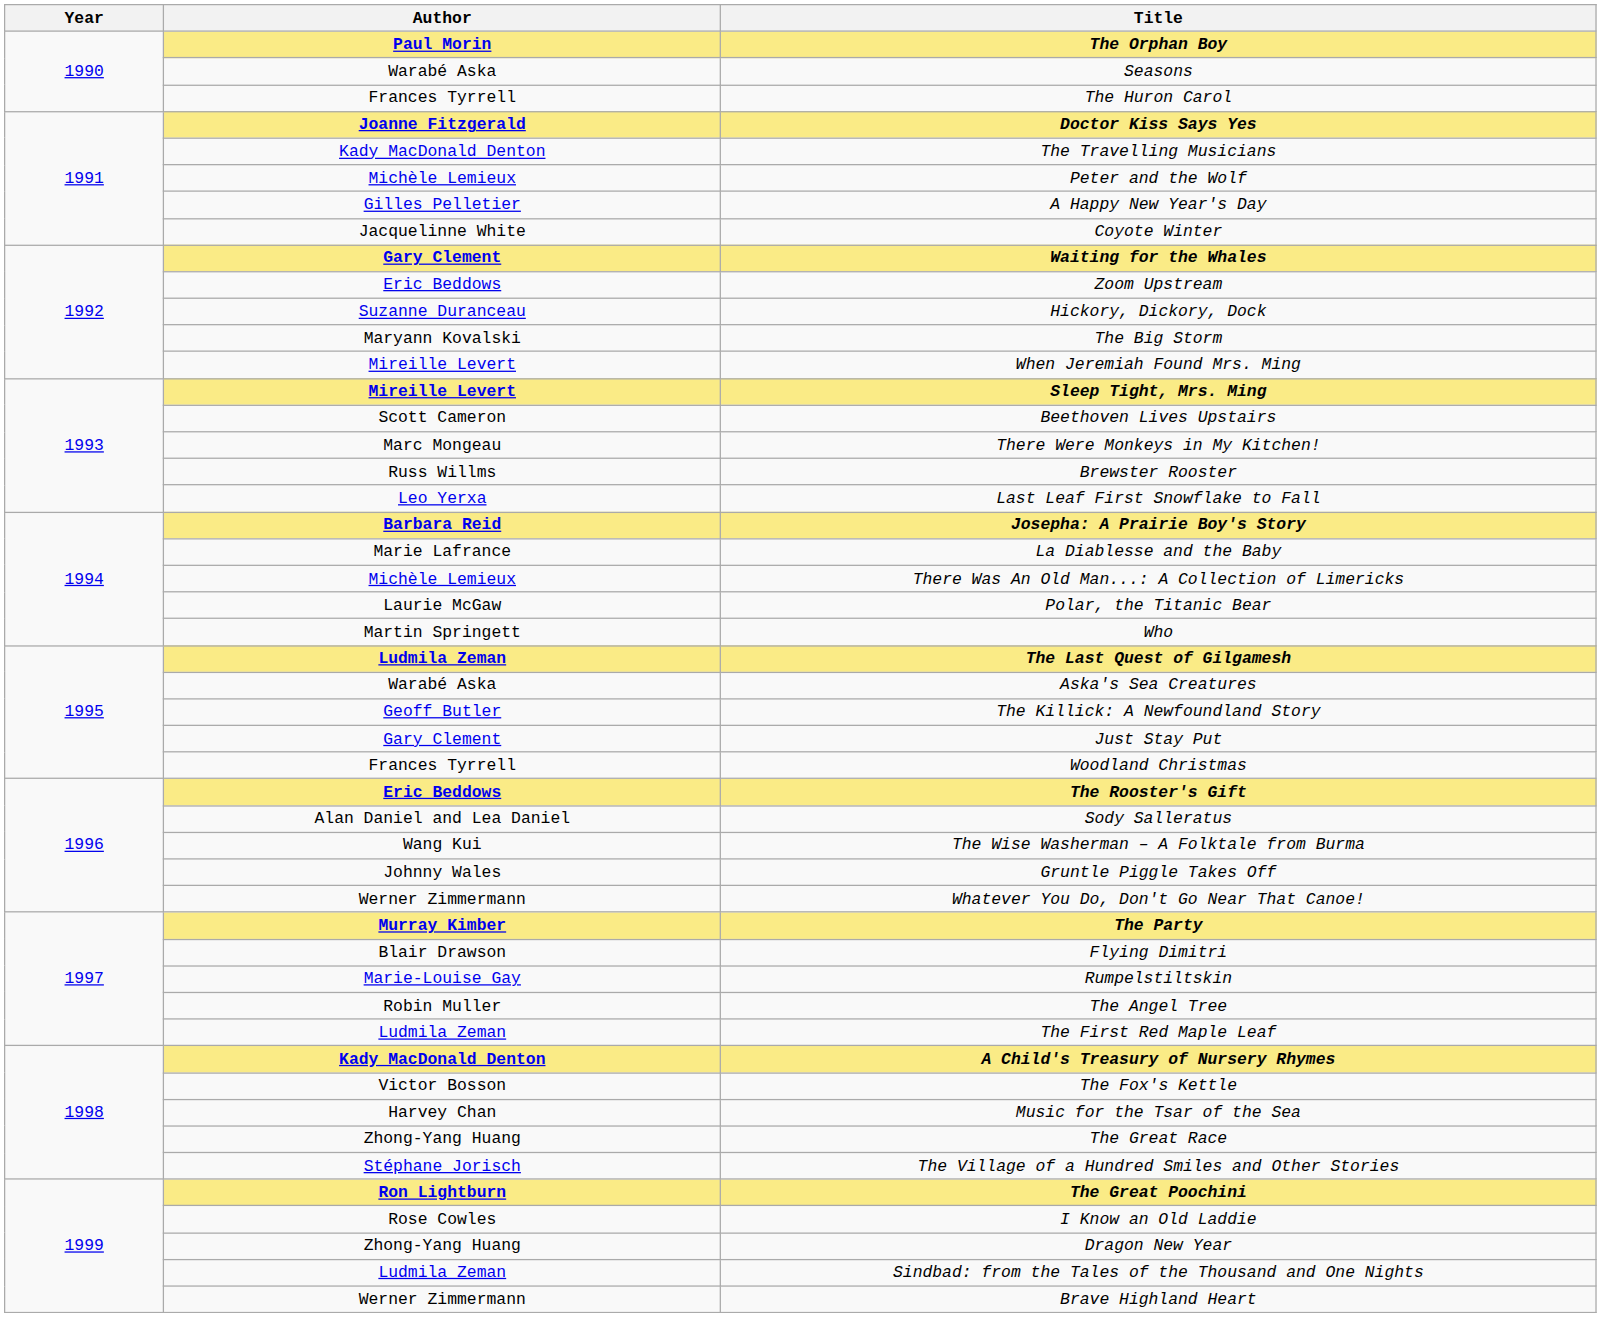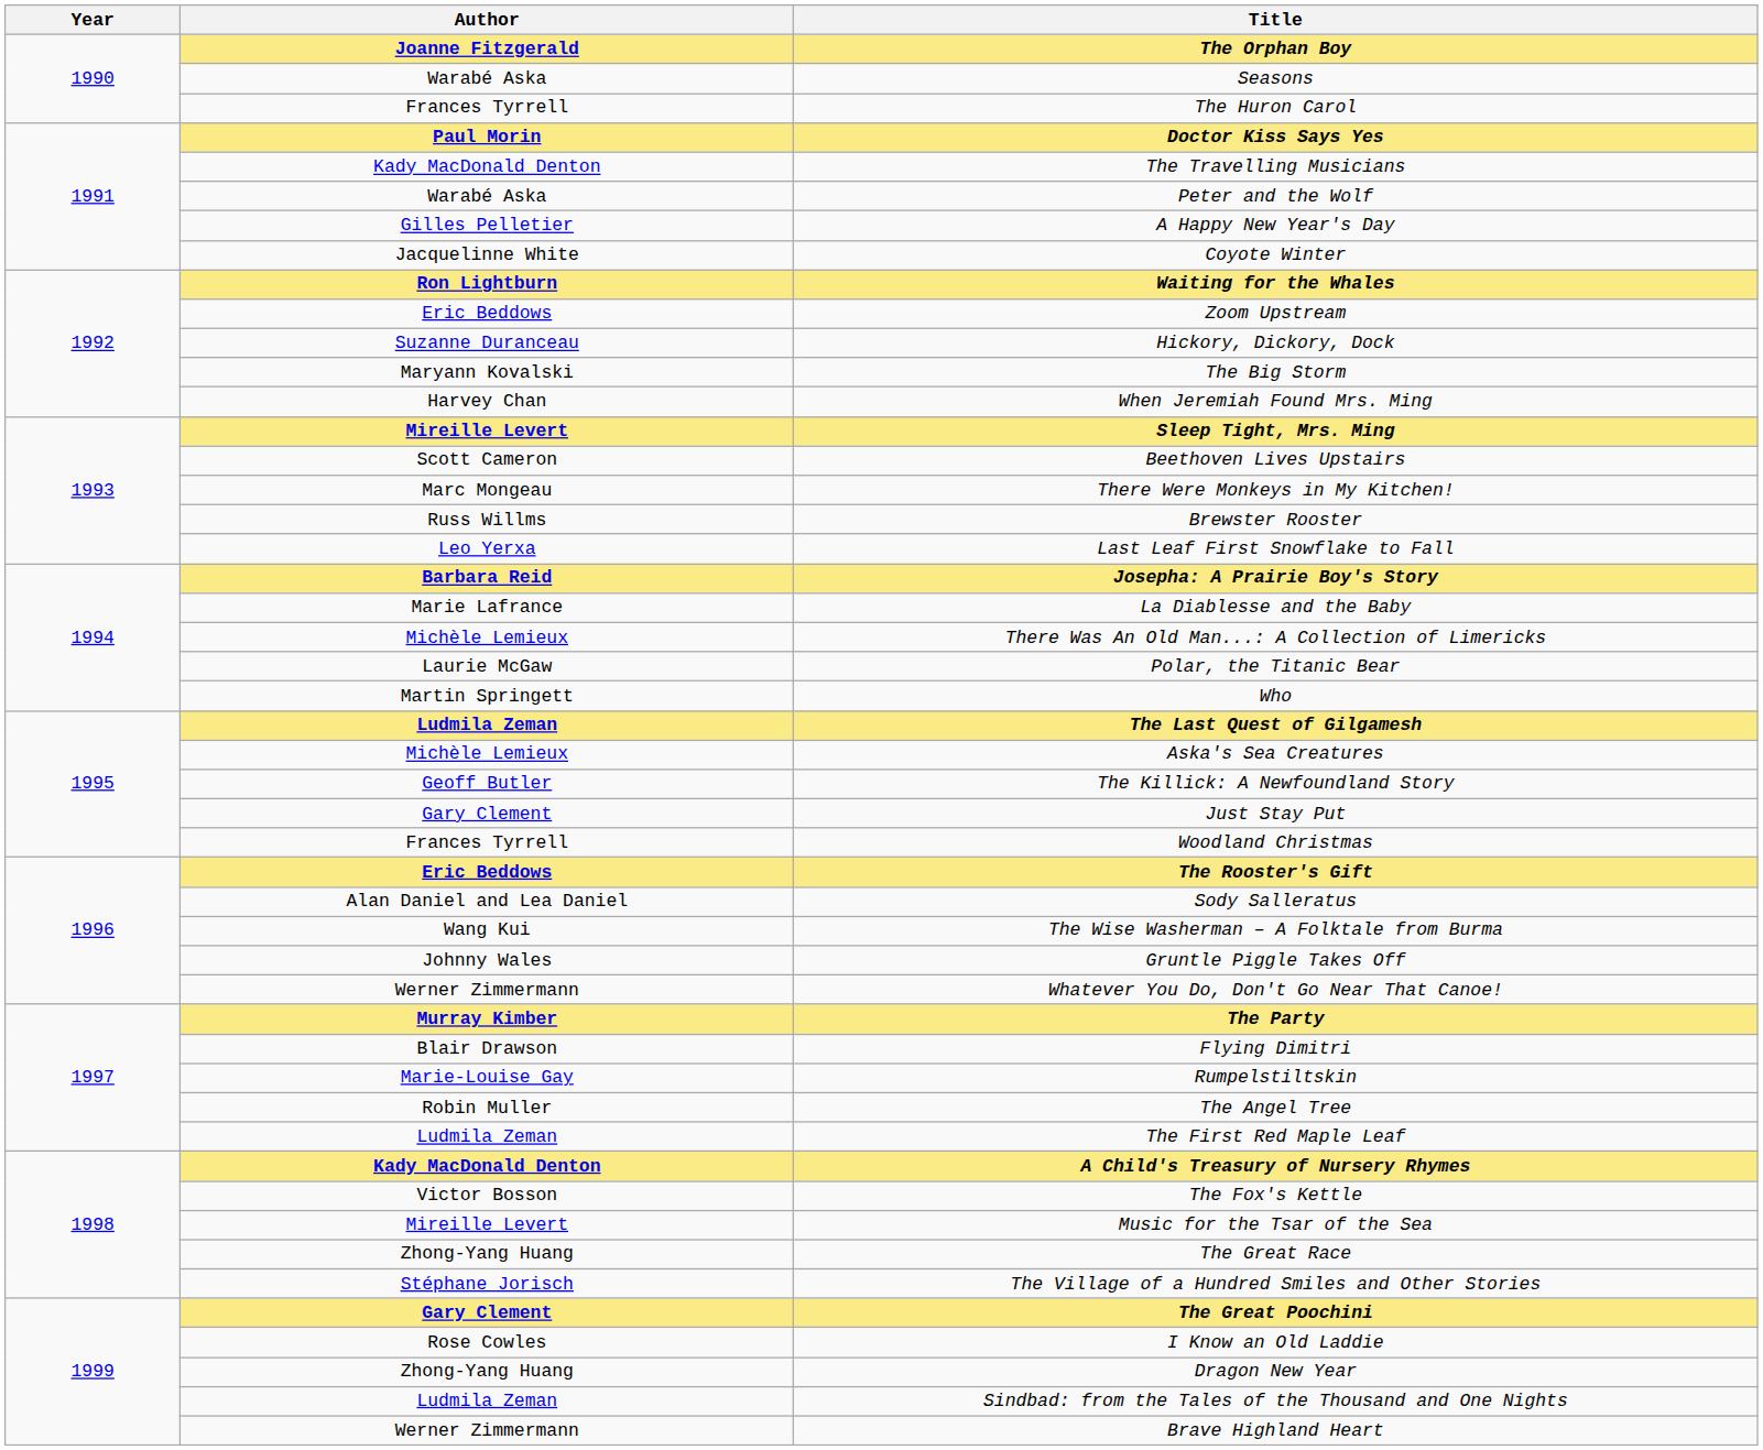 <table class="wikitable" style="width:100%;">
 <tr>
 <th>Year</th>
 <th style="width:35%;">Author</th>
 <th style="width:55%;">Title</th>
 </tr>
 <tr>
 <td style="text-align:center;" rowspan="3"><a href='#'>1990</a></td>
-<td style="text-align:center; background:#FAEB86;"><strong><a href='#'>Paul Morin</a></strong></td>
+<td style="text-align:center; background:#FAEB86;"><strong><a href='#'>Joanne Fitzgerald</a></strong></td>
 <td style="text-align:center; background:#FAEB86;"><strong><em>The Orphan Boy</em></strong></td>
 </tr>
 <tr style="text-align:center;">
 <td>Warabé Aska</td>
 <td><em>Seasons</em></td>
 </tr>
 <tr style="text-align:center;">
 <td>Frances Tyrrell</td>
 <td><em>The Huron Carol</em></td>
 </tr>
 <tr>
 <td style="text-align:center;" rowspan="5"><a href='#'>1991</a></td>
-<td style="text-align:center; background:#FAEB86;"><strong><a href='#'>Joanne Fitzgerald</a></strong></td>
+<td style="text-align:center; background:#FAEB86;"><strong><a href='#'>Paul Morin</a></strong></td>
 <td style="text-align:center; background:#FAEB86;"><strong><em>Doctor Kiss Says Yes</em></strong></td>
 </tr>
 <tr style="text-align:center;">
 <td><a href='#'>Kady MacDonald Denton</a></td>
 <td><em>The Travelling Musicians</em></td>
 </tr>
 <tr style="text-align:center;">
-<td><a href='#'>Michèle Lemieux</a></td>
+<td>Warabé Aska</td>
 <td><em>Peter and the Wolf</em></td>
 </tr>
 <tr style="text-align:center;">
 <td><a href='#'>Gilles Pelletier</a></td>
 <td><em>A Happy New Year's Day</em></td>
 </tr>
 <tr style="text-align:center;">
 <td>Jacquelinne White</td>
 <td><em>Coyote Winter</em></td>
 </tr>
 <tr>
 <td style="text-align:center;" rowspan="5"><a href='#'>1992</a></td>
-<td style="text-align:center; background:#FAEB86;"><strong><a href='#'>Gary Clement</a></strong></td>
+<td style="text-align:center; background:#FAEB86;"><strong><a href='#'>Ron Lightburn</a></strong></td>
 <td style="text-align:center; background:#FAEB86;"><strong><em>Waiting for the Whales</em></strong></td>
 </tr>
 <tr style="text-align:center;">
 <td><a href='#'>Eric Beddows</a></td>
 <td><em>Zoom Upstream</em></td>
 </tr>
 <tr style="text-align:center;">
 <td><a href='#'>Suzanne Duranceau</a></td>
 <td><em>Hickory, Dickory, Dock</em></td>
 </tr>
 <tr style="text-align:center;">
 <td>Maryann Kovalski</td>
 <td><em>The Big Storm</em></td>
 </tr>
 <tr style="text-align:center;">
-<td><a href='#'>Mireille Levert</a></td>
+<td>Harvey Chan</td>
 <td><em>When Jeremiah Found Mrs. Ming</em></td>
 </tr>
 <tr>
 <td style="text-align:center;" rowspan="5"><a href='#'>1993</a></td>
 <td style="text-align:center; background:#FAEB86;"><strong><a href='#'>Mireille Levert</a></strong></td>
 <td style="text-align:center; background:#FAEB86;"><strong><em>Sleep Tight, Mrs. Ming</em></strong></td>
 </tr>
 <tr style="text-align:center;">
 <td>Scott Cameron</td>
 <td><em>Beethoven Lives Upstairs</em></td>
 </tr>
 <tr style="text-align:center;">
 <td>Marc Mongeau</td>
 <td><em>There Were Monkeys in My Kitchen!</em></td>
 </tr>
 <tr style="text-align:center;">
 <td>Russ Willms</td>
 <td><em>Brewster Rooster</em></td>
 </tr>
 <tr style="text-align:center;">
 <td><a href='#'>Leo Yerxa</a></td>
 <td><em>Last Leaf First Snowflake to Fall</em></td>
 </tr>
 <tr>
 <td style="text-align:center;" rowspan="5"><a href='#'>1994</a></td>
 <td style="text-align:center; background:#FAEB86;"><strong><a href='#'>Barbara Reid</a></strong></td>
 <td style="text-align:center; background:#FAEB86;"><strong><em>Josepha:  A Prairie Boy's Story</em></strong></td>
 </tr>
 <tr style="text-align:center;">
 <td>Marie Lafrance</td>
 <td><em>La Diablesse and the Baby</em></td>
 </tr>
 <tr style="text-align:center;">
 <td><a href='#'>Michèle Lemieux</a></td>
 <td><em>There Was An Old Man...: A Collection of Limericks</em></td>
 </tr>
 <tr style="text-align:center;">
 <td>Laurie McGaw</td>
 <td><em>Polar, the Titanic Bear</em></td>
 </tr>
 <tr style="text-align:center;">
 <td>Martin Springett</td>
 <td><em>Who</em></td>
 </tr>
 <tr>
 <td style="text-align:center;" rowspan="5"><a href='#'>1995</a></td>
 <td style="text-align:center; background:#FAEB86;"><strong><a href='#'>Ludmila Zeman</a></strong></td>
 <td style="text-align:center; background:#FAEB86;"><strong><em>The Last Quest of Gilgamesh</em></strong></td>
 </tr>
 <tr style="text-align:center;">
-<td>Warabé Aska</td>
+<td><a href='#'>Michèle Lemieux</a></td>
 <td><em>Aska's Sea Creatures</em></td>
 </tr>
 <tr style="text-align:center;">
 <td><a href='#'>Geoff Butler</a></td>
 <td><em>The Killick: A Newfoundland Story</em></td>
 </tr>
 <tr style="text-align:center;">
 <td><a href='#'>Gary Clement</a></td>
 <td><em>Just Stay Put</em></td>
 </tr>
 <tr style="text-align:center;">
 <td>Frances Tyrrell</td>
 <td><em>Woodland Christmas</em></td>
 </tr>
 <tr>
 <td style="text-align:center;" rowspan="5"><a href='#'>1996</a></td>
 <td style="text-align:center; background:#FAEB86;"><strong><a href='#'>Eric Beddows</a></strong></td>
 <td style="text-align:center; background:#FAEB86;"><strong><em>The Rooster's Gift</em></strong></td>
 </tr>
 <tr style="text-align:center;">
 <td>Alan Daniel and Lea Daniel</td>
 <td><em>Sody Salleratus</em></td>
 </tr>
 <tr style="text-align:center;">
 <td>Wang Kui</td>
 <td><em>The Wise Washerman – A Folktale from Burma</em></td>
 </tr>
 <tr style="text-align:center;">
 <td>Johnny Wales</td>
 <td><em>Gruntle Piggle Takes Off</em></td>
 </tr>
 <tr style="text-align:center;">
 <td>Werner Zimmermann</td>
 <td><em>Whatever You Do, Don't Go Near That Canoe!</em></td>
 </tr>
 <tr>
 <td style="text-align:center;" rowspan="5"><a href='#'>1997</a></td>
 <td style="text-align:center; background:#FAEB86;"><strong><a href='#'>Murray Kimber</a></strong></td>
 <td style="text-align:center; background:#FAEB86;"><strong><em>The Party</em></strong></td>
 </tr>
 <tr style="text-align:center;">
 <td>Blair Drawson</td>
 <td><em>Flying Dimitri</em></td>
 </tr>
 <tr style="text-align:center;">
 <td><a href='#'>Marie-Louise Gay</a></td>
 <td><em>Rumpelstiltskin</em></td>
 </tr>
 <tr style="text-align:center;">
 <td>Robin Muller</td>
 <td><em>The Angel Tree</em></td>
 </tr>
 <tr style="text-align:center;">
 <td><a href='#'>Ludmila Zeman</a></td>
 <td><em>The First Red Maple Leaf</em></td>
 </tr>
 <tr>
 <td style="text-align:center;" rowspan="5"><a href='#'>1998</a></td>
 <td style="text-align:center; background:#FAEB86;"><strong><a href='#'>Kady MacDonald Denton</a></strong></td>
 <td style="text-align:center; background:#FAEB86;"><strong><em>A Child's Treasury of Nursery Rhymes</em></strong></td>
 </tr>
 <tr style="text-align:center;">
 <td>Victor Bosson</td>
 <td><em>The Fox's Kettle</em></td>
 </tr>
 <tr style="text-align:center;">
-<td>Harvey Chan</td>
+<td><a href='#'>Mireille Levert</a></td>
 <td><em>Music for the Tsar of the Sea</em></td>
 </tr>
 <tr style="text-align:center;">
 <td>Zhong-Yang Huang</td>
 <td><em>The Great Race</em></td>
 </tr>
 <tr style="text-align:center;">
 <td><a href='#'>Stéphane Jorisch</a></td>
 <td><em>The Village of a Hundred Smiles and Other Stories</em></td>
 </tr>
 <tr>
 <td style="text-align:center;" rowspan="5"><a href='#'>1999</a></td>
-<td style="text-align:center; background:#FAEB86;"><strong><a href='#'>Ron Lightburn</a></strong></td>
+<td style="text-align:center; background:#FAEB86;"><strong><a href='#'>Gary Clement</a></strong></td>
 <td style="text-align:center; background:#FAEB86;"><strong><em>The Great Poochini</em></strong></td>
 </tr>
 <tr style="text-align:center;">
 <td>Rose Cowles</td>
 <td><em>I Know an Old Laddie</em></td>
 </tr>
 <tr style="text-align:center;">
 <td>Zhong-Yang Huang</td>
 <td><em>Dragon New Year</em></td>
 </tr>
 <tr style="text-align:center;">
 <td><a href='#'>Ludmila Zeman</a></td>
 <td><em>Sindbad: from the Tales of the Thousand and One Nights</em></td>
 </tr>
 <tr style="text-align:center;">
 <td>Werner Zimmermann</td>
 <td><em>Brave Highland Heart</em></td>
 </tr>
 </table>
